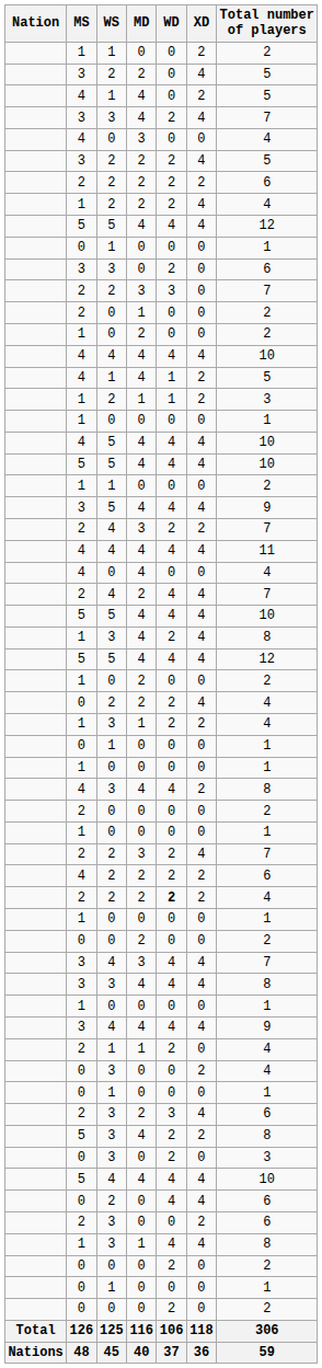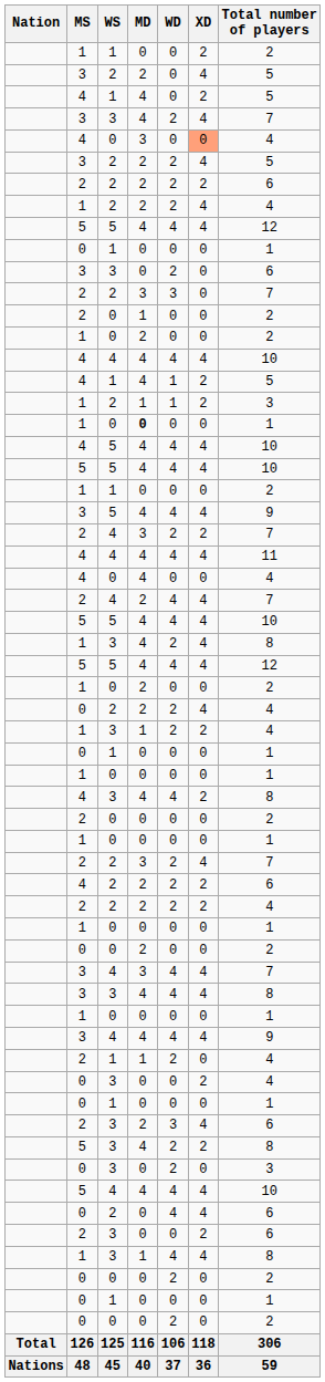 <table class="sortable wikitable" style="font-size: small; text-align: center;">
 <tr>
 <th>Nation</th>
 <th>MS</th>
 <th>WS</th>
 <th>MD</th>
 <th>WD</th>
 <th>XD</th>
 <th>Total number<br>of players</th>
 </tr>
 <tr>
 <td style="text-align: left;"></td>
 <td>1</td>
 <td>1</td>
 <td>0</td>
 <td>0</td>
 <td>2</td>
 <td>2</td>
 </tr>
 <tr>
 <td style="text-align: left;"></td>
 <td>3</td>
 <td>2</td>
 <td>2</td>
 <td>0</td>
 <td>4</td>
 <td>5</td>
 </tr>
 <tr>
 <td style="text-align: left;"></td>
 <td>4</td>
 <td>1</td>
 <td>4</td>
 <td>0</td>
 <td>2</td>
 <td>5</td>
 </tr>
 <tr>
 <td style="text-align: left;"></td>
 <td>3</td>
 <td>3</td>
 <td>4</td>
 <td>2</td>
 <td>4</td>
 <td>7</td>
 </tr>
 <tr>
 <td style="text-align: left;"></td>
 <td>4</td>
 <td>0</td>
 <td>3</td>
 <td>0</td>
-<td>0</td>
+<td style="background: lightsalmon;">0</td>
 <td>4</td>
 </tr>
 <tr>
 <td style="text-align: left;"></td>
 <td>3</td>
 <td>2</td>
 <td>2</td>
 <td>2</td>
 <td>4</td>
 <td>5</td>
 </tr>
 <tr>
 <td style="text-align: left;"></td>
 <td>2</td>
 <td>2</td>
 <td>2</td>
 <td>2</td>
 <td>2</td>
 <td>6</td>
 </tr>
 <tr>
 <td style="text-align: left;"></td>
 <td>1</td>
 <td>2</td>
 <td>2</td>
 <td>2</td>
 <td>4</td>
 <td>4</td>
 </tr>
 <tr>
 <td style="text-align: left;"></td>
 <td>5</td>
 <td>5</td>
 <td>4</td>
 <td>4</td>
 <td>4</td>
 <td>12</td>
 </tr>
 <tr>
 <td style="text-align: left;"></td>
 <td>0</td>
 <td>1</td>
 <td>0</td>
 <td>0</td>
 <td>0</td>
 <td>1</td>
 </tr>
 <tr>
 <td style="text-align: left;"></td>
 <td>3</td>
 <td>3</td>
 <td>0</td>
 <td>2</td>
 <td>0</td>
 <td>6</td>
 </tr>
 <tr>
 <td style="text-align: left;"></td>
 <td>2</td>
 <td>2</td>
 <td>3</td>
 <td>3</td>
 <td>0</td>
 <td>7</td>
 </tr>
 <tr>
 <td style="text-align: left;"></td>
 <td>2</td>
 <td>0</td>
 <td>1</td>
 <td>0</td>
 <td>0</td>
 <td>2</td>
 </tr>
 <tr>
 <td style="text-align: left;"></td>
 <td>1</td>
 <td>0</td>
 <td>2</td>
 <td>0</td>
 <td>0</td>
 <td>2</td>
 </tr>
 <tr>
 <td style="text-align: left;"></td>
 <td>4</td>
 <td>4</td>
 <td>4</td>
 <td>4</td>
 <td>4</td>
 <td>10</td>
 </tr>
 <tr>
 <td style="text-align: left;"></td>
 <td>4</td>
 <td>1</td>
 <td>4</td>
 <td>1</td>
 <td>2</td>
 <td>5</td>
 </tr>
 <tr>
 <td style="text-align: left;"></td>
 <td>1</td>
 <td>2</td>
 <td>1</td>
 <td>1</td>
 <td>2</td>
 <td>3</td>
 </tr>
 <tr>
 <td style="text-align: left;"></td>
 <td>1</td>
 <td>0</td>
-<td>0</td>
+<td><strong>0</strong></td>
 <td>0</td>
 <td>0</td>
 <td>1</td>
 </tr>
 <tr>
 <td style="text-align: left;"></td>
 <td>4</td>
 <td>5</td>
 <td>4</td>
 <td>4</td>
 <td>4</td>
 <td>10</td>
 </tr>
 <tr>
 <td style="text-align: left;"></td>
 <td>5</td>
 <td>5</td>
 <td>4</td>
 <td>4</td>
 <td>4</td>
 <td>10</td>
 </tr>
 <tr>
 <td style="text-align: left;"></td>
 <td>1</td>
 <td>1</td>
 <td>0</td>
 <td>0</td>
 <td>0</td>
 <td>2</td>
 </tr>
 <tr>
 <td style="text-align: left;"></td>
 <td>3</td>
 <td>5</td>
 <td>4</td>
 <td>4</td>
 <td>4</td>
 <td>9</td>
 </tr>
 <tr>
 <td style="text-align: left;"></td>
 <td>2</td>
 <td>4</td>
 <td>3</td>
 <td>2</td>
 <td>2</td>
 <td>7</td>
 </tr>
 <tr>
 <td style="text-align: left;"></td>
 <td>4</td>
 <td>4</td>
 <td>4</td>
 <td>4</td>
 <td>4</td>
 <td>11</td>
 </tr>
 <tr>
 <td style="text-align: left;"></td>
 <td>4</td>
 <td>0</td>
 <td>4</td>
 <td>0</td>
 <td>0</td>
 <td>4</td>
 </tr>
 <tr>
 <td style="text-align: left;"></td>
 <td>2</td>
 <td>4</td>
 <td>2</td>
 <td>4</td>
 <td>4</td>
 <td>7</td>
 </tr>
 <tr>
 <td style="text-align: left;"></td>
 <td>5</td>
 <td>5</td>
 <td>4</td>
 <td>4</td>
 <td>4</td>
 <td>10</td>
 </tr>
 <tr>
 <td style="text-align: left;"></td>
 <td>1</td>
 <td>3</td>
 <td>4</td>
 <td>2</td>
 <td>4</td>
 <td>8</td>
 </tr>
 <tr>
 <td style="text-align: left;"></td>
 <td>5</td>
 <td>5</td>
 <td>4</td>
 <td>4</td>
 <td>4</td>
 <td>12</td>
 </tr>
 <tr>
 <td style="text-align: left;"></td>
 <td>1</td>
 <td>0</td>
 <td>2</td>
 <td>0</td>
 <td>0</td>
 <td>2</td>
 </tr>
 <tr>
 <td style="text-align: left;"></td>
 <td>0</td>
 <td>2</td>
 <td>2</td>
 <td>2</td>
 <td>4</td>
 <td>4</td>
 </tr>
 <tr>
 <td style="text-align: left;"></td>
 <td>1</td>
 <td>3</td>
 <td>1</td>
 <td>2</td>
 <td>2</td>
 <td>4</td>
 </tr>
 <tr>
 <td style="text-align: left;"></td>
 <td>0</td>
 <td>1</td>
 <td>0</td>
 <td>0</td>
 <td>0</td>
 <td>1</td>
 </tr>
 <tr>
 <td style="text-align: left;"></td>
 <td>1</td>
 <td>0</td>
 <td>0</td>
 <td>0</td>
 <td>0</td>
 <td>1</td>
 </tr>
 <tr>
 <td style="text-align: left;"></td>
 <td>4</td>
 <td>3</td>
 <td>4</td>
 <td>4</td>
 <td>2</td>
 <td>8</td>
 </tr>
 <tr>
 <td style="text-align: left;"></td>
 <td>2</td>
 <td>0</td>
 <td>0</td>
 <td>0</td>
 <td>0</td>
 <td>2</td>
 </tr>
 <tr>
 <td style="text-align: left;"></td>
 <td>1</td>
 <td>0</td>
 <td>0</td>
 <td>0</td>
 <td>0</td>
 <td>1</td>
 </tr>
 <tr>
 <td style="text-align: left;"></td>
 <td>2</td>
 <td>2</td>
 <td>3</td>
 <td>2</td>
 <td>4</td>
 <td>7</td>
 </tr>
 <tr>
 <td style="text-align: left;"></td>
 <td>4</td>
 <td>2</td>
 <td>2</td>
 <td>2</td>
 <td>2</td>
 <td>6</td>
 </tr>
 <tr>
 <td style="text-align: left;"></td>
 <td>2</td>
 <td>2</td>
 <td>2</td>
-<td><strong>2</strong></td>
+<td>2</td>
 <td>2</td>
 <td>4</td>
 </tr>
 <tr>
 <td style="text-align: left;"></td>
 <td>1</td>
 <td>0</td>
 <td>0</td>
 <td>0</td>
 <td>0</td>
 <td>1</td>
 </tr>
 <tr>
 <td style="text-align: left;"></td>
 <td>0</td>
 <td>0</td>
 <td>2</td>
 <td>0</td>
 <td>0</td>
 <td>2</td>
 </tr>
 <tr>
 <td style="text-align: left;"></td>
 <td>3</td>
 <td>4</td>
 <td>3</td>
 <td>4</td>
 <td>4</td>
 <td>7</td>
 </tr>
 <tr>
 <td style="text-align: left;"></td>
 <td>3</td>
 <td>3</td>
 <td>4</td>
 <td>4</td>
 <td>4</td>
 <td>8</td>
 </tr>
 <tr>
 <td style="text-align: left;"></td>
 <td>1</td>
 <td>0</td>
 <td>0</td>
 <td>0</td>
 <td>0</td>
 <td>1</td>
 </tr>
 <tr>
 <td style="text-align: left;"></td>
 <td>3</td>
 <td>4</td>
 <td>4</td>
 <td>4</td>
 <td>4</td>
 <td>9</td>
 </tr>
 <tr>
 <td style="text-align: left;"></td>
 <td>2</td>
 <td>1</td>
 <td>1</td>
 <td>2</td>
 <td>0</td>
 <td>4</td>
 </tr>
 <tr>
 <td style="text-align: left;"></td>
 <td>0</td>
 <td>3</td>
 <td>0</td>
 <td>0</td>
 <td>2</td>
 <td>4</td>
 </tr>
 <tr>
 <td style="text-align: left;"></td>
 <td>0</td>
 <td>1</td>
 <td>0</td>
 <td>0</td>
 <td>0</td>
 <td>1</td>
 </tr>
 <tr>
 <td style="text-align: left;"></td>
 <td>2</td>
 <td>3</td>
 <td>2</td>
 <td>3</td>
 <td>4</td>
 <td>6</td>
 </tr>
 <tr>
 <td style="text-align: left;"></td>
 <td>5</td>
 <td>3</td>
 <td>4</td>
 <td>2</td>
 <td>2</td>
 <td>8</td>
 </tr>
 <tr>
 <td style="text-align: left;"></td>
 <td>0</td>
 <td>3</td>
 <td>0</td>
 <td>2</td>
 <td>0</td>
 <td>3</td>
 </tr>
 <tr>
 <td style="text-align: left;"></td>
 <td>5</td>
 <td>4</td>
 <td>4</td>
 <td>4</td>
 <td>4</td>
 <td>10</td>
 </tr>
 <tr>
 <td style="text-align: left;"></td>
 <td>0</td>
 <td>2</td>
 <td>0</td>
 <td>4</td>
 <td>4</td>
 <td>6</td>
 </tr>
 <tr>
 <td style="text-align: left;"></td>
 <td>2</td>
 <td>3</td>
 <td>0</td>
 <td>0</td>
 <td>2</td>
 <td>6</td>
 </tr>
 <tr>
 <td style="text-align: left;"></td>
 <td>1</td>
 <td>3</td>
 <td>1</td>
 <td>4</td>
 <td>4</td>
 <td>8</td>
 </tr>
 <tr>
 <td style="text-align: left;"></td>
 <td>0</td>
 <td>0</td>
 <td>0</td>
 <td>2</td>
 <td>0</td>
 <td>2</td>
 </tr>
 <tr>
 <td style="text-align: left;"></td>
 <td>0</td>
 <td>1</td>
 <td>0</td>
 <td>0</td>
 <td>0</td>
 <td>1</td>
 </tr>
 <tr>
 <td style="text-align: left;"></td>
 <td>0</td>
 <td>0</td>
 <td>0</td>
 <td>2</td>
 <td>0</td>
 <td>2</td>
 </tr>
 <tr>
 <th>Total</th>
 <th>126</th>
 <th>125</th>
 <th>116</th>
 <th>106</th>
 <th>118</th>
 <th>306</th>
 </tr>
 <tr>
 <th>Nations</th>
 <th>48</th>
 <th>45</th>
 <th>40</th>
 <th>37</th>
 <th>36</th>
 <th>59</th>
 </tr>
 </table>
